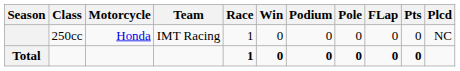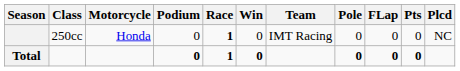 <table class="wikitable">
 <tr>
 <th>Season</th>
 <th>Class</th>
 <th>Motorcycle</th>
-<th>Team</th>
+<th>Podium</th>
 <th>Race</th>
 <th>Win</th>
-<th>Podium</th>
+<th>Team</th>
 <th>Pole</th>
 <th>FLap</th>
 <th>Pts</th>
 <th>Plcd</th>
 </tr>
 <tr align="right">
 <th></th>
 <td>250cc</td>
 <td><a href='#'>Honda</a></td>
+<td>0</td>
+<td><strong>1</strong></td>
+<td>0</td>
 <td>IMT Racing</td>
-<td>1</td>
-<td>0</td>
-<td>0</td>
 <td>0</td>
 <td>0</td>
 <td>0</td>
 <td>NC</td>
 </tr>
 <tr align="right">
 <th>Total</th>
 <td></td>
 <td></td>
-<td></td>
+<td><strong>0</strong></td>
 <td><strong>1</strong></td>
 <td><strong>0</strong></td>
-<td><strong>0</strong></td>
+<td></td>
 <td><strong>0</strong></td>
 <td><strong>0</strong></td>
 <td><strong>0</strong></td>
 <td></td>
 </tr>
 </table>
